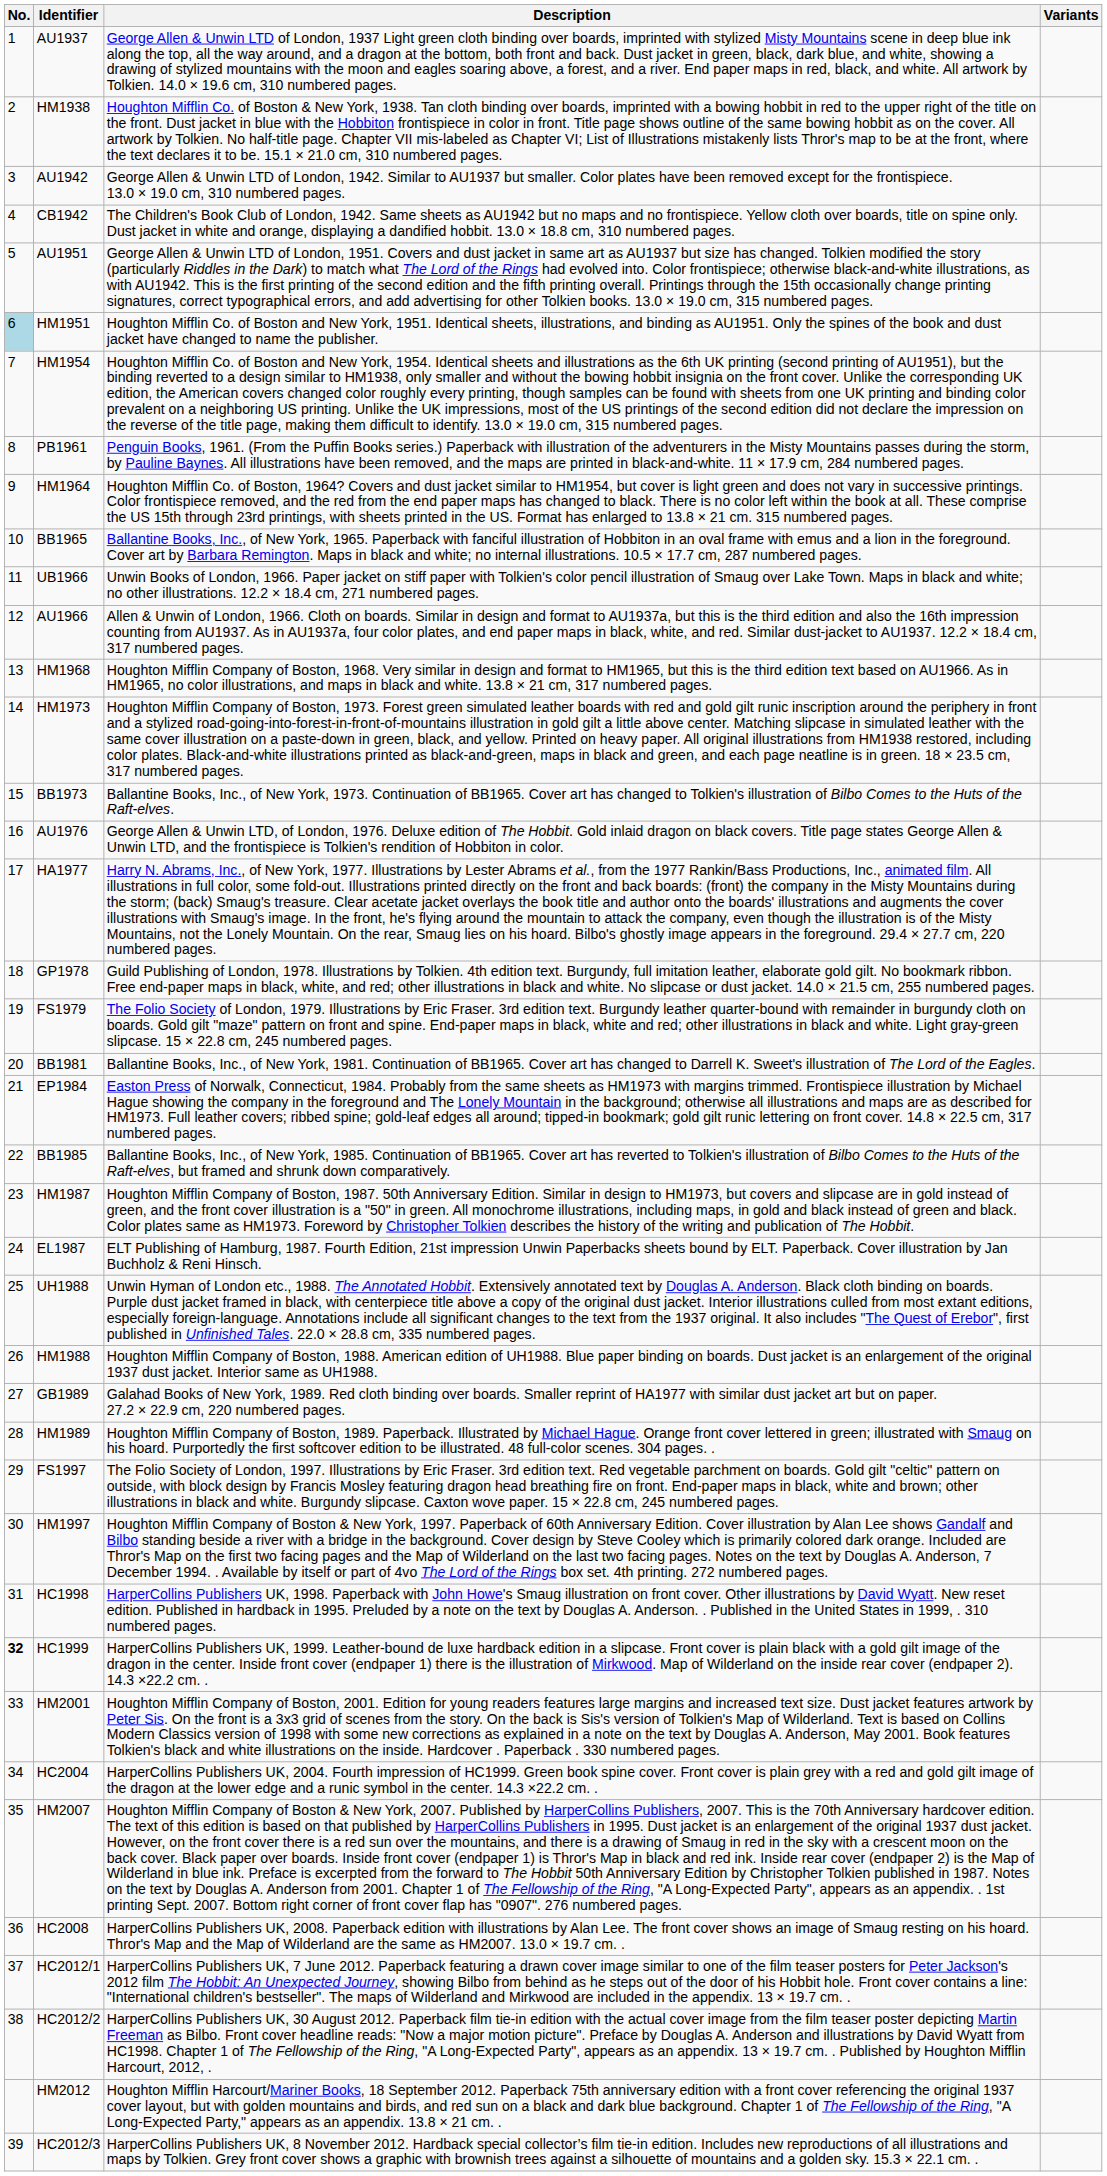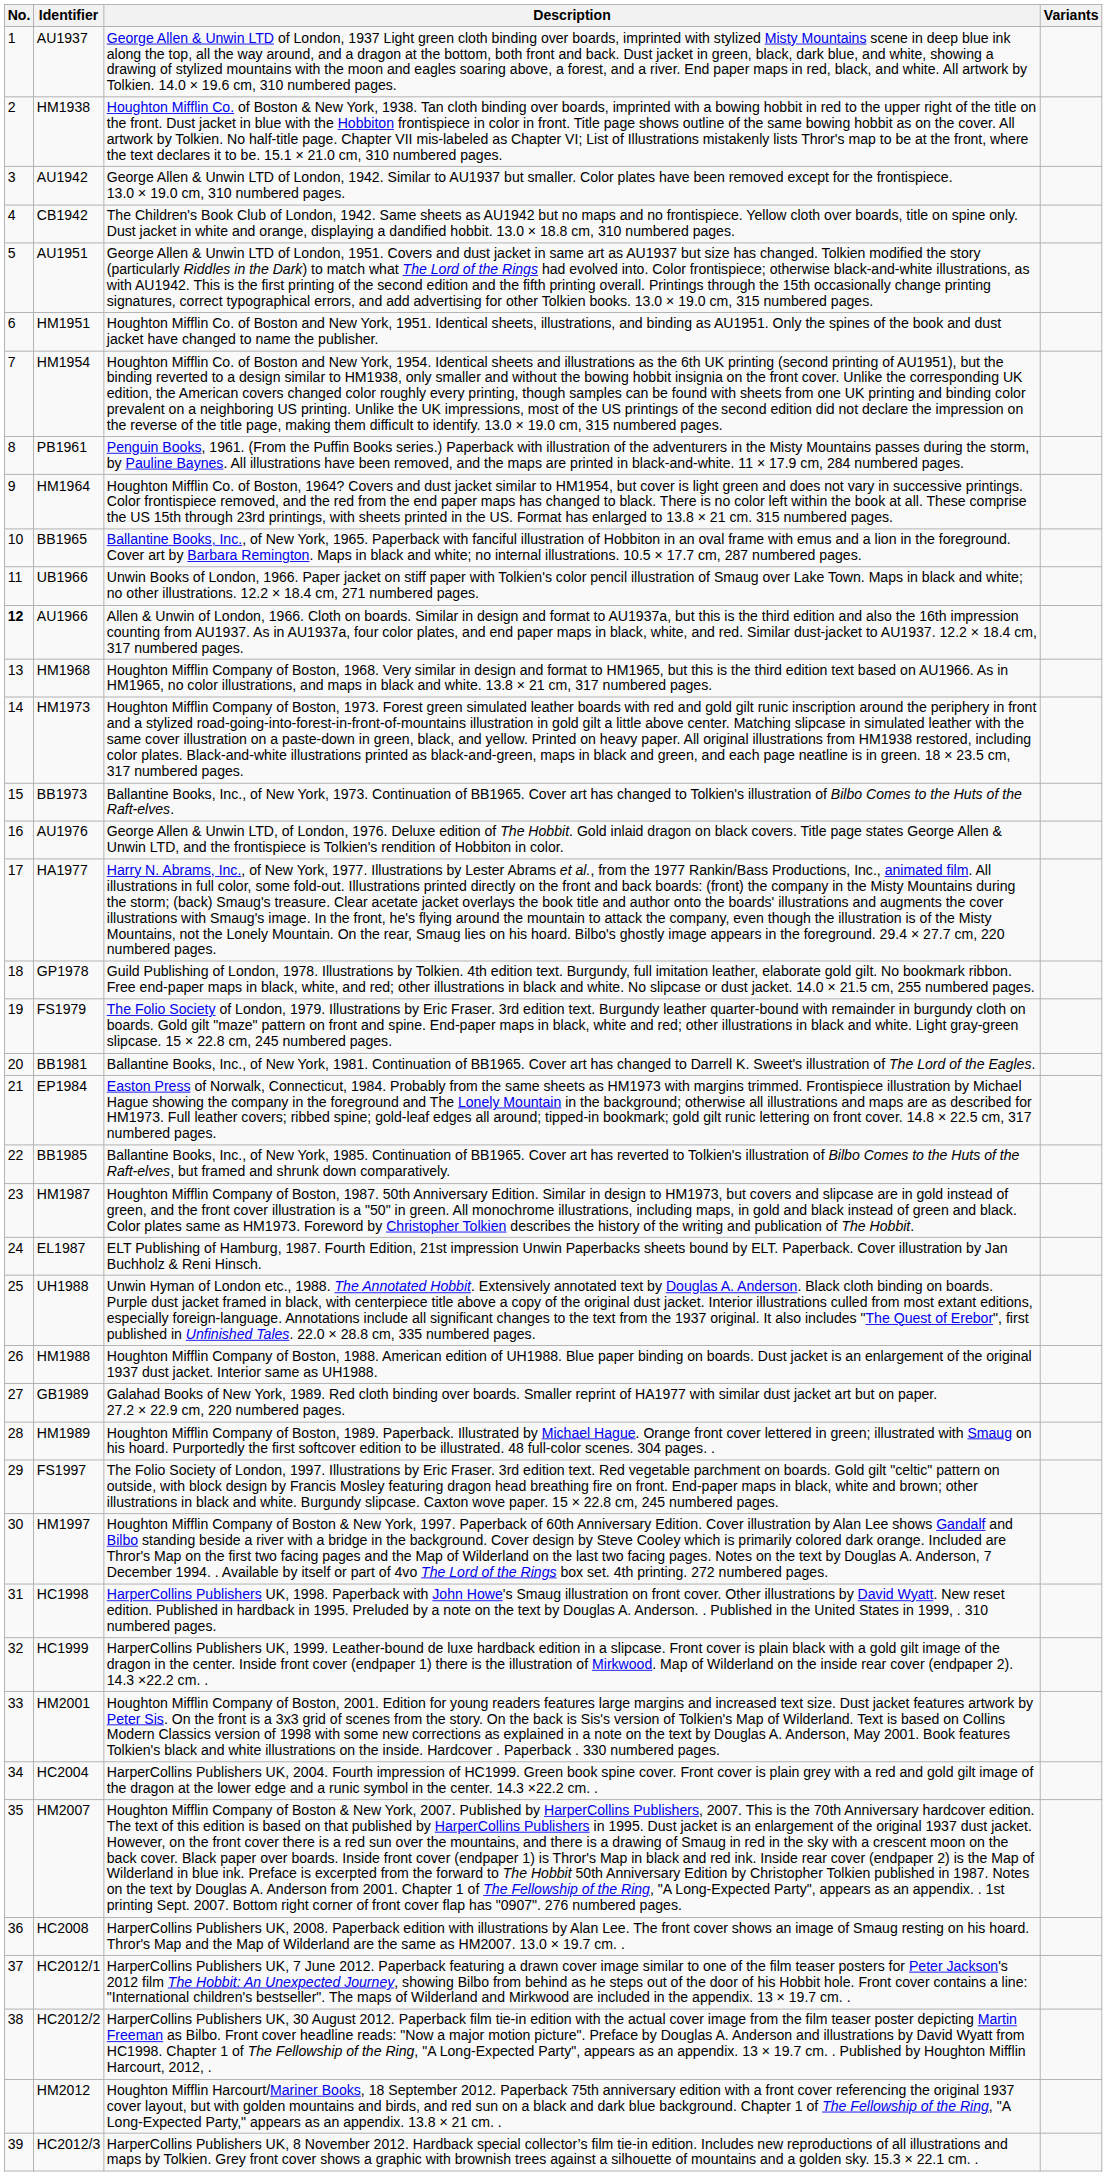 <table class="wikitable">
 <tr>
 <th>No.</th>
 <th>Identifier</th>
 <th>Description</th>
 <th>Variants</th>
 </tr>
 <tr valign="top">
 <td>1</td>
 <td>AU1937</td>
 <td><a href='#'>George Allen & Unwin LTD</a> of London, 1937 Light green cloth binding over boards, imprinted with stylized <a href='#'>Misty Mountains</a> scene in deep blue ink along the top, all the way around, and a dragon at the bottom, both front and back. Dust jacket in green, black, dark blue, and white, showing a drawing of stylized mountains with the moon and eagles soaring above, a forest, and a river. End paper maps in red, black, and white. All artwork by Tolkien. 14.0 × 19.6 cm, 310 numbered pages.</td>
 <td></td>
 </tr>
 <tr valign="top">
 <td>2</td>
 <td>HM1938</td>
 <td><a href='#'>Houghton Mifflin Co.</a> of Boston & New York, 1938. Tan cloth binding over boards, imprinted with a bowing hobbit in red to the upper right of the title on the front. Dust jacket in blue with the <a href='#'>Hobbiton</a> frontispiece in color in front. Title page shows outline of the same bowing hobbit as on the cover. All artwork by Tolkien. No half-title page. Chapter VII mis-labeled as Chapter VI; List of Illustrations mistakenly lists Thror's map to be at the front, where the text declares it to be. 15.1 × 21.0 cm, 310 numbered pages.</td>
 <td></td>
 </tr>
 <tr valign="top">
 <td>3</td>
 <td>AU1942</td>
 <td>George Allen & Unwin LTD of London, 1942. Similar to AU1937 but smaller. Color plates have been removed except for the frontispiece. 13.0 × 19.0 cm, 310 numbered pages.</td>
 <td></td>
 </tr>
 <tr valign="top">
 <td>4</td>
 <td>CB1942</td>
 <td>The Children's Book Club of London, 1942. Same sheets as AU1942 but no maps and no frontispiece. Yellow cloth over boards, title on spine only. Dust jacket in white and orange, displaying a dandified hobbit. 13.0 × 18.8 cm, 310 numbered pages.</td>
 <td></td>
 </tr>
 <tr valign="top">
 <td>5</td>
 <td>AU1951</td>
 <td>George Allen & Unwin LTD of London, 1951. Covers and dust jacket in same art as AU1937 but size has changed. Tolkien modified the story (particularly <em>Riddles in the Dark</em>) to match what <em><a href='#'>The Lord of the Rings</a></em> had evolved into. Color frontispiece; otherwise black-and-white illustrations, as with AU1942. This is the first printing of the second edition and the fifth printing overall. Printings through the 15th occasionally change printing signatures, correct typographical errors, and add advertising for other Tolkien books. 13.0 × 19.0 cm, 315 numbered pages.</td>
 <td></td>
 </tr>
 <tr valign="top">
-<td style="background: lightblue;">6</td>
+<td>6</td>
 <td>HM1951</td>
 <td>Houghton Mifflin Co. of Boston and New York, 1951. Identical sheets, illustrations, and binding as AU1951. Only the spines of the book and dust jacket have changed to name the publisher.</td>
 <td></td>
 </tr>
 <tr valign="top">
 <td>7</td>
 <td>HM1954</td>
 <td>Houghton Mifflin Co. of Boston and New York, 1954. Identical sheets and illustrations as the 6th UK printing (second printing of AU1951), but the binding reverted to a design similar to HM1938, only smaller and without the bowing hobbit insignia on the front cover. Unlike the corresponding UK edition, the American covers changed color roughly every printing, though samples can be found with sheets from one UK printing and binding color prevalent on a neighboring US printing. Unlike the UK impressions, most of the US printings of the second edition did not declare the impression on the reverse of the title page, making them difficult to identify. 13.0 × 19.0 cm, 315 numbered pages.</td>
 <td></td>
 </tr>
 <tr valign="top">
 <td>8</td>
 <td>PB1961</td>
 <td><a href='#'>Penguin Books</a>, 1961. (From the Puffin Books series.) Paperback with illustration of the adventurers in the Misty Mountains passes during the storm, by <a href='#'>Pauline Baynes</a>. All illustrations have been removed, and the maps are printed in black-and-white. 11 × 17.9 cm, 284 numbered pages.</td>
 <td></td>
 </tr>
 <tr valign="top">
 <td>9</td>
 <td>HM1964</td>
 <td>Houghton Mifflin Co. of Boston, 1964? Covers and dust jacket similar to HM1954, but cover is light green and does not vary in successive printings. Color frontispiece removed, and the red from the end paper maps has changed to black. There is no color left within the book at all. These comprise the US 15th through 23rd printings, with sheets printed in the US. Format has enlarged to 13.8 × 21 cm. 315 numbered pages.</td>
 <td></td>
 </tr>
 <tr valign="top">
 <td>10</td>
 <td>BB1965</td>
 <td><a href='#'>Ballantine Books, Inc.</a>, of New York, 1965. Paperback with fanciful illustration of Hobbiton in an oval frame with emus and a lion in the foreground. Cover art by <a href='#'>Barbara Remington</a>. Maps in black and white; no internal illustrations. 10.5 × 17.7 cm, 287 numbered pages.</td>
 <td></td>
 </tr>
 <tr valign="top">
 <td>11</td>
 <td>UB1966</td>
 <td>Unwin Books of London, 1966. Paper jacket on stiff paper with Tolkien's color pencil illustration of Smaug over Lake Town. Maps in black and white; no other illustrations. 12.2 × 18.4 cm, 271 numbered pages.</td>
 <td></td>
 </tr>
 <tr valign="top">
-<td>12</td>
+<td><strong>12</strong></td>
 <td>AU1966</td>
 <td>Allen & Unwin of London, 1966. Cloth on boards. Similar in design and format to AU1937a, but this is the third edition and also the 16th impression counting from AU1937. As in AU1937a, four color plates, and end paper maps in black, white, and red. Similar dust-jacket to AU1937. 12.2 × 18.4 cm, 317 numbered pages.</td>
 <td></td>
 </tr>
 <tr valign="top">
 <td>13</td>
 <td>HM1968</td>
 <td>Houghton Mifflin Company of Boston, 1968. Very similar in design and format to HM1965, but this is the third edition text based on AU1966. As in HM1965, no color illustrations, and maps in black and white. 13.8 × 21 cm, 317 numbered pages.</td>
 <td></td>
 </tr>
 <tr valign="top">
 <td>14</td>
 <td>HM1973</td>
 <td>Houghton Mifflin Company of Boston, 1973. Forest green simulated leather boards with red and gold gilt runic inscription around the periphery in front and a stylized road-going-into-forest-in-front-of-mountains illustration in gold gilt a little above center. Matching slipcase in simulated leather with the same cover illustration on a paste-down in green, black, and yellow. Printed on heavy paper. All original illustrations from HM1938 restored, including color plates. Black-and-white illustrations printed as black-and-green, maps in black and green, and each page neatline is in green. 18 × 23.5 cm, 317 numbered pages.</td>
 <td></td>
 </tr>
 <tr valign="top">
 <td>15</td>
 <td>BB1973</td>
 <td>Ballantine Books, Inc., of New York, 1973. Continuation of BB1965. Cover art has changed to Tolkien's illustration of <em>Bilbo Comes to the Huts of the Raft-elves</em>.</td>
 <td></td>
 </tr>
 <tr valign="top">
 <td>16</td>
 <td>AU1976</td>
 <td>George Allen & Unwin LTD, of London, 1976. Deluxe edition of <em>The Hobbit</em>. Gold inlaid dragon on black covers. Title page states George Allen & Unwin LTD, and the frontispiece is Tolkien's rendition of Hobbiton in color.</td>
 <td></td>
 </tr>
 <tr valign="top">
 <td>17</td>
 <td>HA1977</td>
 <td><a href='#'>Harry N. Abrams, Inc.</a>, of New York, 1977. Illustrations by Lester Abrams <em>et al.</em>, from the 1977 Rankin/Bass Productions, Inc., <a href='#'>animated film</a>. All illustrations in full color, some fold-out. Illustrations printed directly on the front and back boards: (front) the company in the Misty Mountains during the storm; (back) Smaug's treasure. Clear acetate jacket overlays the book title and author onto the boards' illustrations and augments the cover illustrations with Smaug's image. In the front, he's flying around the mountain to attack the company, even though the illustration is of the Misty Mountains, not the Lonely Mountain. On the rear, Smaug lies on his hoard. Bilbo's ghostly image appears in the foreground. 29.4 × 27.7 cm, 220 numbered pages.</td>
 <td></td>
 </tr>
 <tr valign="top">
 <td>18</td>
 <td>GP1978</td>
 <td>Guild Publishing of London, 1978. Illustrations by Tolkien. 4th edition text. Burgundy, full imitation leather, elaborate gold gilt. No bookmark ribbon. Free end-paper maps in black, white, and red; other illustrations in black and white. No slipcase or dust jacket. 14.0 × 21.5 cm, 255 numbered pages.</td>
 <td></td>
 </tr>
 <tr valign="top">
 <td>19</td>
 <td>FS1979</td>
 <td><a href='#'>The Folio Society</a> of London, 1979. Illustrations by Eric Fraser. 3rd edition text. Burgundy leather quarter-bound with remainder in burgundy cloth on boards. Gold gilt "maze" pattern on front and spine. End-paper maps in black, white and red; other illustrations in black and white. Light gray-green slipcase. 15 × 22.8 cm, 245 numbered pages.</td>
 <td></td>
 </tr>
 <tr valign="top">
 <td>20</td>
 <td>BB1981</td>
 <td>Ballantine Books, Inc., of New York, 1981. Continuation of BB1965. Cover art has changed to Darrell K. Sweet's illustration of <em>The Lord of the Eagles</em>.</td>
 <td></td>
 </tr>
 <tr valign="top">
 <td>21</td>
 <td>EP1984</td>
 <td><a href='#'>Easton Press</a> of Norwalk, Connecticut, 1984. Probably from the same sheets as HM1973 with margins trimmed. Frontispiece illustration by Michael Hague showing the company in the foreground and The <a href='#'>Lonely Mountain</a> in the background; otherwise all illustrations and maps are as described for HM1973. Full leather covers; ribbed spine; gold-leaf edges all around; tipped-in bookmark; gold gilt runic lettering on front cover. 14.8 × 22.5 cm, 317 numbered pages.</td>
 <td></td>
 </tr>
 <tr valign="top">
 <td>22</td>
 <td>BB1985</td>
 <td>Ballantine Books, Inc., of New York, 1985. Continuation of BB1965. Cover art has reverted to Tolkien's illustration of <em>Bilbo Comes to the Huts of the Raft-elves</em>, but framed and shrunk down comparatively.</td>
 <td></td>
 </tr>
 <tr valign="top">
 <td>23</td>
 <td>HM1987</td>
 <td>Houghton Mifflin Company of Boston, 1987. 50th Anniversary Edition. Similar in design to HM1973, but covers and slipcase are in gold instead of green, and the front cover illustration is a "50" in green. All monochrome illustrations, including maps, in gold and black instead of green and black. Color plates same as HM1973. Foreword by <a href='#'>Christopher Tolkien</a> describes the history of the writing and publication of <em>The Hobbit</em>.</td>
 <td></td>
 </tr>
 <tr valign="top">
 <td>24</td>
 <td>EL1987</td>
 <td>ELT Publishing of Hamburg, 1987. Fourth Edition, 21st impression Unwin Paperbacks sheets bound by ELT. Paperback. Cover illustration by Jan Buchholz & Reni Hinsch.</td>
 <td></td>
 </tr>
 <tr valign="top">
 <td>25</td>
 <td>UH1988</td>
 <td>Unwin Hyman of London etc., 1988. <em><a href='#'>The Annotated Hobbit</a></em>. Extensively annotated text by <a href='#'>Douglas A. Anderson</a>. Black cloth binding on boards. Purple dust jacket framed in black, with centerpiece title above a copy of the original dust jacket. Interior illustrations culled from most extant editions, especially foreign-language. Annotations include all significant changes to the text from the 1937 original. It also includes "<a href='#'>The Quest of Erebor</a>", first published in <em><a href='#'>Unfinished Tales</a></em>. 22.0 × 28.8 cm, 335 numbered pages.</td>
 <td></td>
 </tr>
 <tr valign="top">
 <td>26</td>
 <td>HM1988</td>
 <td>Houghton Mifflin Company of Boston, 1988. American edition of UH1988. Blue paper binding on boards. Dust jacket is an enlargement of the original 1937 dust jacket. Interior same as UH1988.</td>
 <td></td>
 </tr>
 <tr valign="top">
 <td>27</td>
 <td>GB1989</td>
 <td>Galahad Books of New York, 1989. Red cloth binding over boards. Smaller reprint of HA1977 with similar dust jacket art but on paper. 27.2 × 22.9 cm, 220 numbered pages.</td>
 <td></td>
 </tr>
 <tr valign="top">
 <td>28</td>
 <td>HM1989</td>
 <td>Houghton Mifflin Company of Boston, 1989. Paperback. Illustrated by <a href='#'>Michael Hague</a>. Orange front cover lettered in green; illustrated with <a href='#'>Smaug</a> on his hoard. Purportedly the first softcover edition to be illustrated. 48 full-color scenes. 304 pages. .</td>
 <td></td>
 </tr>
 <tr valign="top">
 <td>29</td>
 <td>FS1997</td>
 <td>The Folio Society of London, 1997. Illustrations by Eric Fraser. 3rd edition text. Red vegetable parchment on boards. Gold gilt "celtic" pattern on outside, with block design by Francis Mosley featuring dragon head breathing fire on front. End-paper maps in black, white and brown; other illustrations in black and white. Burgundy slipcase. Caxton wove paper. 15 × 22.8 cm, 245 numbered pages.</td>
 <td></td>
 </tr>
 <tr valign="top">
 <td>30</td>
 <td>HM1997</td>
 <td>Houghton Mifflin Company of Boston & New York, 1997. Paperback of 60th Anniversary Edition. Cover illustration by Alan Lee shows <a href='#'>Gandalf</a> and <a href='#'>Bilbo</a> standing beside a river with a bridge in the background. Cover design by Steve Cooley which is primarily colored dark orange. Included are Thror's Map on the first two facing pages and the Map of Wilderland on the last two facing pages. Notes on the text by Douglas A. Anderson, 7 December 1994. . Available by itself or part of 4vo <em><a href='#'>The Lord of the Rings</a></em> box set. 4th printing. 272 numbered pages.</td>
 <td></td>
 </tr>
 <tr valign="top">
 <td>31</td>
 <td>HC1998</td>
 <td><a href='#'>HarperCollins Publishers</a> UK, 1998. Paperback with <a href='#'>John Howe</a>'s Smaug illustration on front cover. Other illustrations by <a href='#'>David Wyatt</a>. New reset edition. Published in hardback in 1995. Preluded by a note on the text by Douglas A. Anderson. . Published in the United States in 1999, . 310 numbered pages.</td>
 <td></td>
 </tr>
 <tr valign="top">
-<td><strong>32</strong></td>
+<td>32</td>
 <td>HC1999</td>
 <td>HarperCollins Publishers UK, 1999. Leather-bound de luxe hardback edition in a slipcase. Front cover is plain black with a gold gilt image of the dragon in the center. Inside front cover (endpaper 1) there is the illustration of <a href='#'>Mirkwood</a>. Map of Wilderland on the inside rear cover (endpaper 2). 14.3 ×22.2 cm. .</td>
 <td></td>
 </tr>
 <tr valign="top">
 <td>33</td>
 <td>HM2001</td>
 <td>Houghton Mifflin Company of Boston, 2001. Edition for young readers features large margins and increased text size. Dust jacket features artwork by <a href='#'>Peter Sis</a>. On the front is a 3x3 grid of scenes from the story. On the back is Sis's version of Tolkien's Map of Wilderland. Text is based on Collins Modern Classics version of 1998 with some new corrections as explained in a note on the text by Douglas A. Anderson, May 2001. Book features Tolkien's black and white illustrations on the inside. Hardcover . Paperback . 330 numbered pages.</td>
 <td></td>
 </tr>
 <tr valign="top">
 <td>34</td>
 <td>HC2004</td>
 <td>HarperCollins Publishers UK, 2004. Fourth impression of HC1999. Green book spine cover. Front cover is plain grey with a red and gold gilt image of the dragon at the lower edge and a runic symbol in the center. 14.3 ×22.2 cm. .</td>
 <td></td>
 </tr>
 <tr valign="top">
 <td>35</td>
 <td>HM2007</td>
 <td>Houghton Mifflin Company of Boston & New York, 2007. Published by <a href='#'>HarperCollins Publishers</a>, 2007. This is the 70th Anniversary hardcover edition. The text of this edition is based on that published by <a href='#'>HarperCollins Publishers</a> in 1995. Dust jacket is an enlargement of the original 1937 dust jacket. However, on the front cover there is a red sun over the mountains, and there is a drawing of Smaug in red in the sky with a crescent moon on the back cover. Black paper over boards. Inside front cover (endpaper 1) is Thror's Map in black and red ink. Inside rear cover (endpaper 2) is the Map of Wilderland in blue ink. Preface is excerpted from the forward to <em>The Hobbit</em> 50th Anniversary Edition by Christopher Tolkien published in 1987. Notes on the text by Douglas A. Anderson from 2001. Chapter 1 of <em><a href='#'>The Fellowship of the Ring</a></em>, "A Long-Expected Party", appears as an appendix. . 1st printing Sept. 2007. Bottom right corner of front cover flap has "0907". 276 numbered pages.</td>
 <td></td>
 </tr>
 <tr valign="top">
 <td>36</td>
 <td>HC2008</td>
 <td>HarperCollins Publishers UK, 2008. Paperback edition with illustrations by Alan Lee. The front cover shows an image of Smaug resting on his hoard. Thror's Map and the Map of Wilderland are the same as HM2007. 13.0 × 19.7 cm. .</td>
 <td></td>
 </tr>
 <tr valign="top">
 <td>37</td>
 <td>HC2012/1</td>
 <td>HarperCollins Publishers UK, 7 June 2012. Paperback featuring a drawn cover image similar to one of the film teaser posters for <a href='#'>Peter Jackson</a>'s 2012 film <em><a href='#'>The Hobbit: An Unexpected Journey</a></em>, showing Bilbo from behind as he steps out of the door of his Hobbit hole. Front cover contains a line: "International children's bestseller". The maps of Wilderland and Mirkwood are included in the appendix. 13 × 19.7 cm. .</td>
 <td></td>
 </tr>
 <tr valign="top">
 <td>38</td>
 <td>HC2012/2</td>
 <td>HarperCollins Publishers UK, 30 August 2012. Paperback film tie-in edition with the actual cover image from the film teaser poster depicting <a href='#'>Martin Freeman</a> as Bilbo. Front cover headline reads: "Now a major motion picture". Preface by Douglas A. Anderson and illustrations by David Wyatt from HC1998. Chapter 1 of <em>The Fellowship of the Ring</em>, "A Long-Expected Party", appears as an appendix. 13 × 19.7 cm. . Published by Houghton Mifflin Harcourt, 2012, .</td>
 <td></td>
 </tr>
 <tr valign="top">
 <td></td>
 <td>HM2012</td>
 <td>Houghton Mifflin Harcourt/<a href='#'>Mariner Books</a>, 18 September 2012. Paperback 75th anniversary edition with a front cover referencing the original 1937 cover layout, but with golden mountains and birds, and red sun on a black and dark blue background.  Chapter 1 of <em><a href='#'>The Fellowship of the Ring</a></em>, "A Long-Expected Party," appears as an appendix. 13.8 × 21 cm. .</td>
 <td></td>
 </tr>
 <tr valign="top">
 <td>39</td>
 <td>HC2012/3</td>
 <td>HarperCollins Publishers UK, 8 November 2012. Hardback special collector’s film tie-in edition. Includes new reproductions of all illustrations and maps by Tolkien. Grey front cover shows a graphic with brownish trees against a silhouette of mountains and a golden sky. 15.3 × 22.1 cm. .</td>
 <td></td>
 </tr>
 </table>
